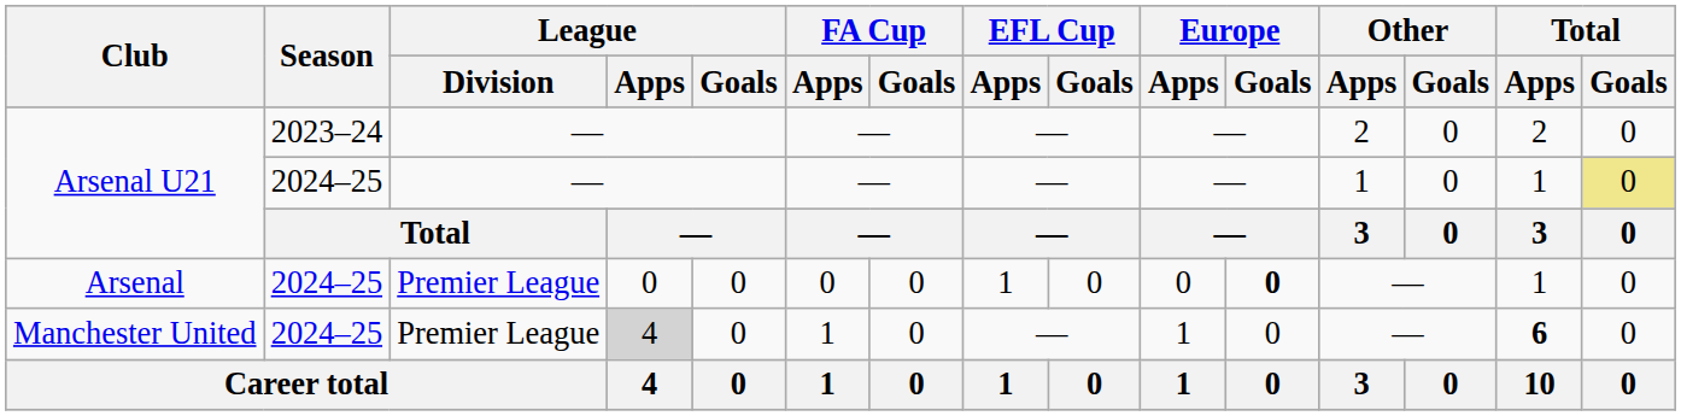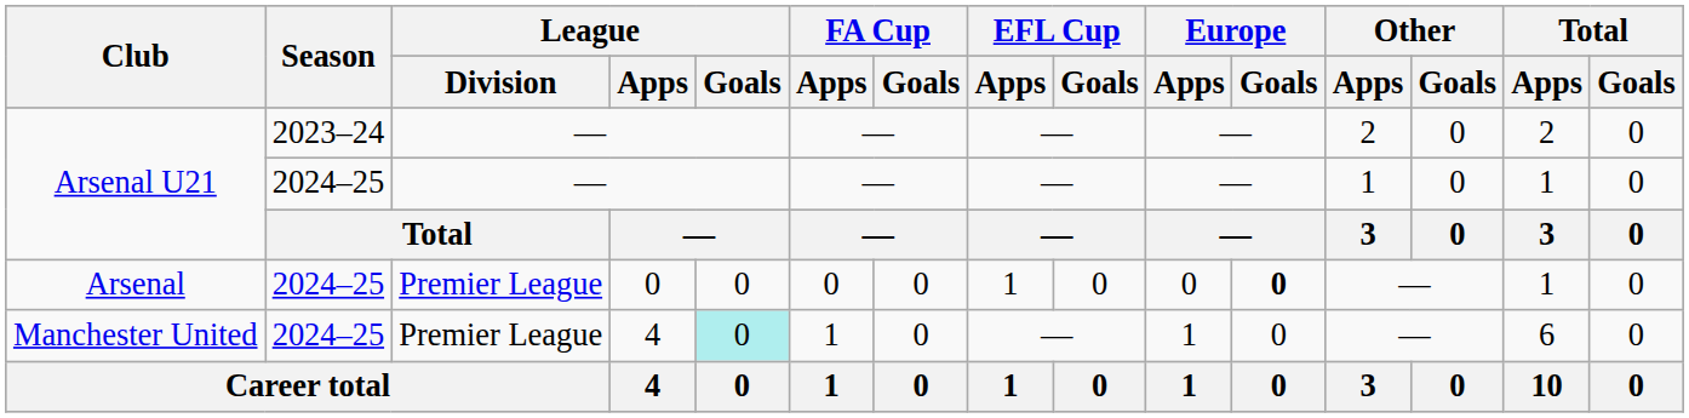 <table class="wikitable" style="text-align: center;">
 <tr>
 <th rowspan="2">Club</th>
 <th rowspan="2">Season</th>
 <th colspan="3">League</th>
 <th colspan="2"><a href='#'>FA Cup</a></th>
 <th colspan="2"><a href='#'>EFL Cup</a></th>
 <th colspan="2"><a href='#'>Europe</a></th>
 <th colspan="2">Other</th>
 <th colspan="2">Total</th>
 </tr>
 <tr>
 <th>Division</th>
 <th>Apps</th>
 <th>Goals</th>
 <th>Apps</th>
 <th>Goals</th>
 <th>Apps</th>
 <th>Goals</th>
 <th>Apps</th>
 <th>Goals</th>
 <th>Apps</th>
 <th>Goals</th>
 <th>Apps</th>
 <th>Goals</th>
 </tr>
 <tr>
 <td rowspan="3"><a href='#'>Arsenal U21</a></td>
 <td>2023–24</td>
 <td colspan="3">—</td>
 <td colspan="2">—</td>
 <td colspan="2">—</td>
 <td colspan="2">—</td>
 <td>2</td>
 <td>0</td>
 <td>2</td>
 <td>0</td>
 </tr>
 <tr>
 <td>2024–25</td>
 <td colspan="3">—</td>
 <td colspan="2">—</td>
 <td colspan="2">—</td>
 <td colspan="2">—</td>
 <td>1</td>
 <td>0</td>
 <td>1</td>
-<td style="background: khaki;">0</td>
+<td>0</td>
 </tr>
 <tr>
 <th colspan="2">Total</th>
 <th colspan="2">—</th>
 <th colspan="2">—</th>
 <th colspan="2">—</th>
 <th colspan="2">—</th>
 <th>3</th>
 <th>0</th>
 <th>3</th>
 <th>0</th>
 </tr>
 <tr>
 <td><a href='#'>Arsenal</a></td>
 <td><a href='#'>2024–25</a></td>
 <td><a href='#'>Premier League</a></td>
 <td>0</td>
 <td>0</td>
 <td>0</td>
 <td>0</td>
 <td>1</td>
 <td>0</td>
 <td>0</td>
 <td><strong>0</strong></td>
 <td colspan="2">—</td>
 <td>1</td>
 <td>0</td>
 </tr>
 <tr>
 <td><a href='#'>Manchester United</a></td>
 <td><a href='#'>2024–25</a></td>
 <td>Premier League</td>
-<td style="background: lightgrey;">4</td>
-<td>0</td>
+<td>4</td>
+<td style="background: paleturquoise;">0</td>
 <td>1</td>
 <td>0</td>
 <td colspan="2">—</td>
 <td>1</td>
 <td>0</td>
 <td colspan="2">—</td>
-<td><strong>6</strong></td>
+<td>6</td>
 <td>0</td>
 </tr>
 <tr>
 <th colspan="3">Career total</th>
 <th>4</th>
 <th>0</th>
 <th>1</th>
 <th>0</th>
 <th>1</th>
 <th>0</th>
 <th>1</th>
 <th>0</th>
 <th>3</th>
 <th>0</th>
 <th>10</th>
 <th>0</th>
 </tr>
 </table>
